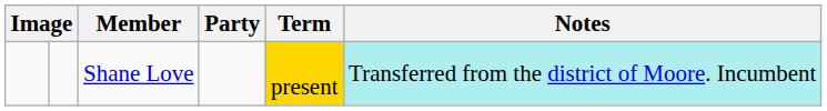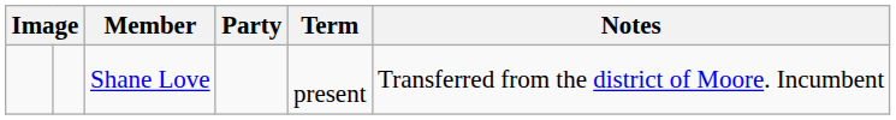 <table class="wikitable" style="text-align:center">
 <tr>
 <th colspan=2>Image</th>
 <th>Member</th>
 <th>Party</th>
 <th>Term</th>
 <th>Notes</th>
 </tr>
 <tr>
 <td> </td>
 <td></td>
 <td><a href='#'>Shane Love</a><br></td>
 <td></td>
-<td style="background: gold;"><br> present</td>
-<td style="background: paleturquoise;">Transferred from the <a href='#'>district of Moore</a>. Incumbent</td>
+<td><br> present</td>
+<td>Transferred from the <a href='#'>district of Moore</a>. Incumbent</td>
 </tr>
 </table>
